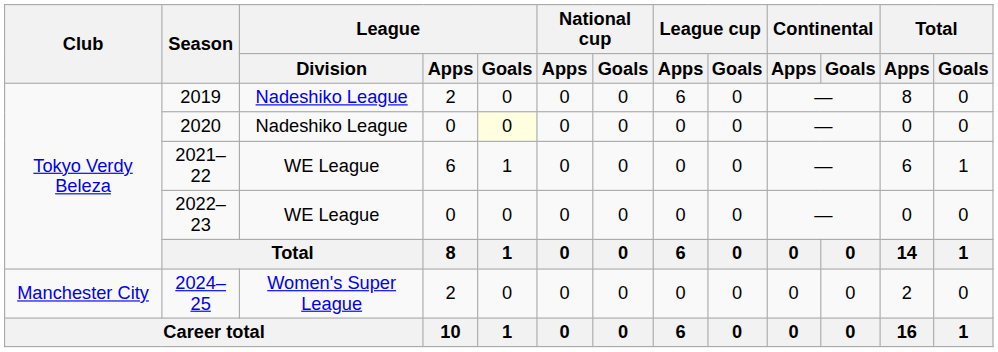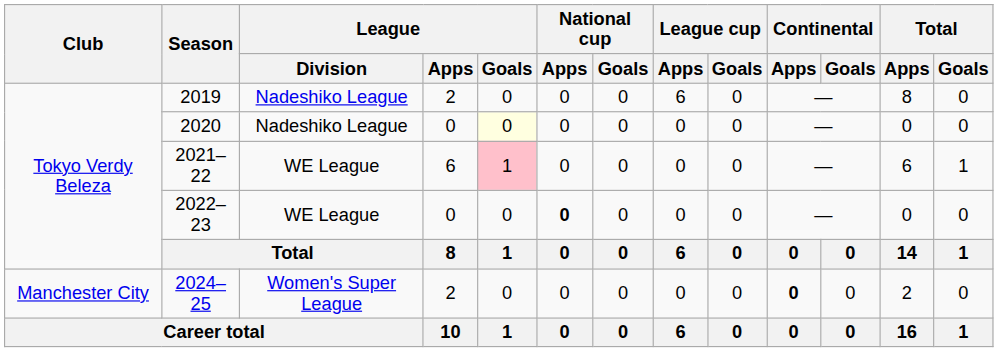 <table class="wikitable" style="text-align:center">
 <tr>
 <th rowspan="2">Club</th>
 <th rowspan="2">Season</th>
 <th colspan="3">League</th>
 <th colspan="2">National cup</th>
 <th colspan="2">League cup</th>
 <th colspan="2">Continental</th>
 <th colspan="2">Total</th>
 </tr>
 <tr>
 <th>Division</th>
 <th>Apps</th>
 <th>Goals</th>
 <th>Apps</th>
 <th>Goals</th>
 <th>Apps</th>
 <th>Goals</th>
 <th>Apps</th>
 <th>Goals</th>
 <th>Apps</th>
 <th>Goals</th>
 </tr>
 <tr>
 <td rowspan="5"><a href='#'>Tokyo Verdy Beleza</a></td>
 <td>2019</td>
 <td><a href='#'>Nadeshiko League</a></td>
 <td>2</td>
 <td>0</td>
 <td>0</td>
 <td>0</td>
 <td>6</td>
 <td>0</td>
 <td colspan="2">—</td>
 <td>8</td>
 <td>0</td>
 </tr>
 <tr>
 <td>2020</td>
 <td>Nadeshiko League</td>
 <td>0</td>
 <td style="background: lightyellow;">0</td>
 <td>0</td>
 <td>0</td>
 <td>0</td>
 <td>0</td>
 <td colspan="2">—</td>
 <td>0</td>
 <td>0</td>
 </tr>
 <tr>
 <td>2021–22</td>
 <td>WE League</td>
 <td>6</td>
-<td>1</td>
+<td style="background: pink;">1</td>
 <td>0</td>
 <td>0</td>
 <td>0</td>
 <td>0</td>
 <td colspan="2">—</td>
 <td>6</td>
 <td>1</td>
 </tr>
 <tr>
 <td>2022–23</td>
 <td>WE League</td>
 <td>0</td>
 <td>0</td>
-<td>0</td>
+<td><strong>0</strong></td>
 <td>0</td>
 <td>0</td>
 <td>0</td>
 <td colspan="2">—</td>
 <td>0</td>
 <td>0</td>
 </tr>
 <tr>
 <th colspan="2">Total</th>
 <th>8</th>
 <th>1</th>
 <th>0</th>
 <th>0</th>
 <th>6</th>
 <th>0</th>
 <th>0</th>
 <th>0</th>
 <th>14</th>
 <th>1</th>
 </tr>
 <tr>
 <td><a href='#'>Manchester City</a></td>
 <td><a href='#'>2024–25</a></td>
 <td><a href='#'>Women's Super League</a></td>
 <td>2</td>
 <td>0</td>
 <td>0</td>
 <td>0</td>
 <td>0</td>
 <td>0</td>
-<td>0</td>
+<td><strong>0</strong></td>
 <td>0</td>
 <td>2</td>
 <td>0</td>
 </tr>
 <tr>
 <th colspan="3">Career total</th>
 <th>10</th>
 <th>1</th>
 <th>0</th>
 <th>0</th>
 <th>6</th>
 <th>0</th>
 <th>0</th>
 <th>0</th>
 <th>16</th>
 <th>1</th>
 </tr>
 </table>
